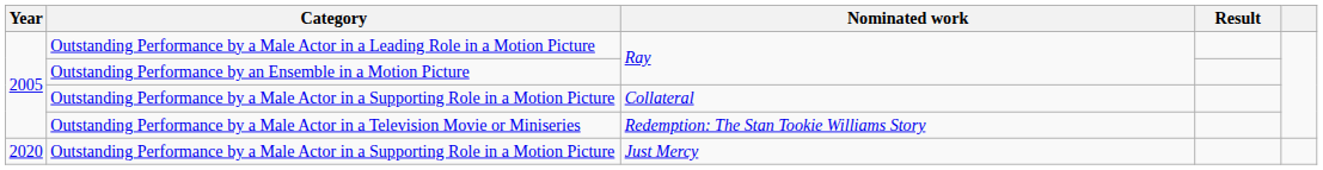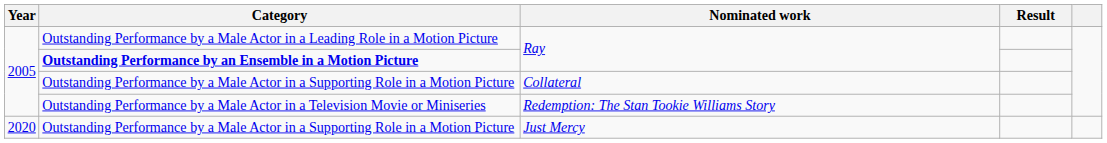 <table class=wikitable>
 <tr>
 <th scope="col" style="width:1em;">Year</th>
 <th scope="col" style="width:39em;">Category</th>
 <th scope="col" style="width:39em;">Nominated work</th>
 <th scope="col" style="width:5em;">Result</th>
 <th scope="col" style="width:2em;"></th>
 </tr>
 <tr>
 <td rowspan="4"><a href='#'>2005</a></td>
 <td><a href='#'>Outstanding Performance by a Male Actor in a Leading Role in a Motion Picture</a></td>
 <td rowspan="2"><em><a href='#'>Ray</a></em></td>
 <td></td>
 <td rowspan="4"></td>
 </tr>
 <tr>
-<td><a href='#'>Outstanding Performance by an Ensemble in a Motion Picture</a></td>
+<td><strong><a href='#'>Outstanding Performance by an Ensemble in a Motion Picture</a></strong></td>
 <td></td>
 </tr>
 <tr>
 <td><a href='#'>Outstanding Performance by a Male Actor in a Supporting Role in a Motion Picture</a></td>
 <td><em><a href='#'>Collateral</a></em></td>
 <td></td>
 </tr>
 <tr>
 <td><a href='#'>Outstanding Performance by a Male Actor in a Television Movie or Miniseries</a></td>
 <td><em><a href='#'>Redemption: The Stan Tookie Williams Story</a></em></td>
 <td></td>
 </tr>
 <tr>
 <td><a href='#'>2020</a></td>
 <td><a href='#'>Outstanding Performance by a Male Actor in a Supporting Role in a Motion Picture</a></td>
 <td><em><a href='#'>Just Mercy</a></em></td>
 <td></td>
 <td></td>
 </tr>
 </table>
